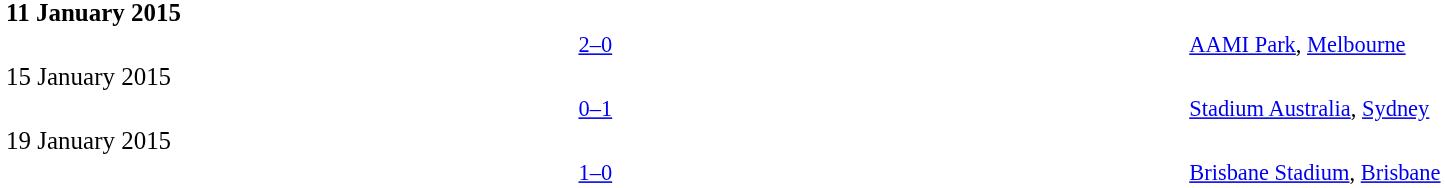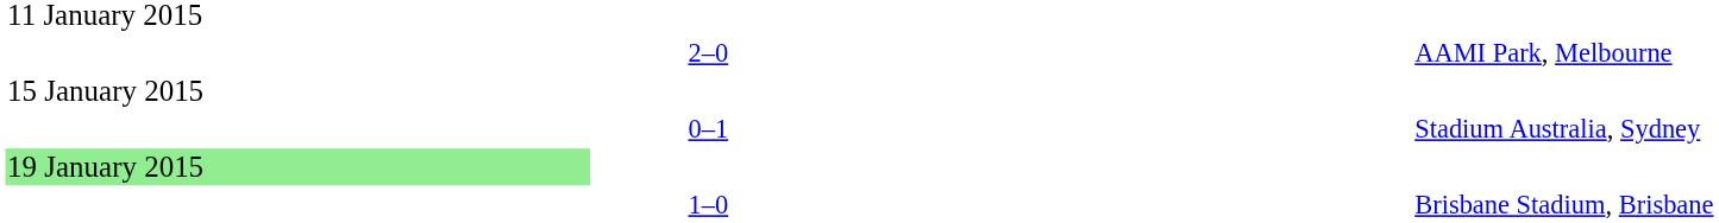 <table style="width:100%" cellspacing="1">
 <tr>
 <th width=25%></th>
 <th width=10%></th>
 <th width=25%></th>
 </tr>
 <tr>
-<td><strong>11 January 2015</strong></td>
+<td>11 January 2015</td>
 </tr>
 <tr style=font-size:90%>
 <td align=right></td>
 <td align=center><a href='#'>2–0</a></td>
 <td></td>
 <td><a href='#'>AAMI Park</a>, <a href='#'>Melbourne</a></td>
 </tr>
 <tr>
 <td>15 January 2015</td>
 </tr>
 <tr style=font-size:90%>
 <td align=right></td>
 <td align=center><a href='#'>0–1</a></td>
 <td></td>
 <td><a href='#'>Stadium Australia</a>, <a href='#'>Sydney</a></td>
 </tr>
 <tr>
-<td>19 January 2015</td>
+<td style="background: lightgreen;">19 January 2015</td>
 </tr>
 <tr style=font-size:90%>
 <td align=right></td>
 <td align=center><a href='#'>1–0</a></td>
 <td></td>
 <td><a href='#'>Brisbane Stadium</a>, <a href='#'>Brisbane</a></td>
 </tr>
 </table>
